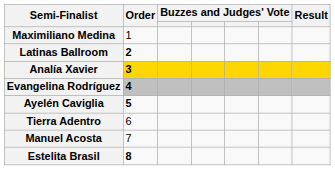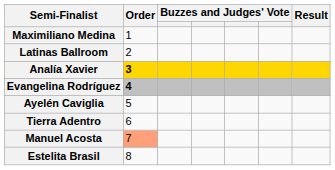 <table class="wikitable plainrowheaders sortable">
 <tr>
 <th rowspan="2" class="unsortable" scope="col">Semi-Finalist</th>
 <th rowspan="2" scope="col">Order</th>
 <th colspan="4" class="unsortable" scope="col">Buzzes and Judges' Vote</th>
 <th rowspan="2" scope="col">Result</th>
 </tr>
 <tr>
 <th class="unsortable" scope="col"></th>
 <th class="unsortable" scope="col"></th>
 <th class="unsortable" scope="col"></th>
 <th></th>
 </tr>
 <tr>
 <th scope="row">Maximiliano Medina</th>
 <td>1</td>
 <td></td>
 <td></td>
 <td></td>
 <td style="text-align:center;"></td>
 <td></td>
 </tr>
 <tr>
 <th scope="row">Latinas Ballroom</th>
-<td><strong>2</strong></td>
+<td>2</td>
 <td></td>
 <td></td>
 <td></td>
 <td></td>
 <td></td>
 </tr>
 <tr bgcolor="gold">
 <th scope="row">Analía Xavier</th>
 <td><strong>3</strong></td>
 <td></td>
 <td></td>
 <td></td>
 <td></td>
 <td><strong></strong></td>
 </tr>
 <tr bgcolor="silver">
 <th scope="row">Evangelina Rodríguez</th>
 <td><strong>4</strong></td>
 <td style="text-align:center;"></td>
 <td style="text-align:center;"></td>
 <td style="text-align:center;"></td>
 <td></td>
 <td><strong></strong></td>
 </tr>
 <tr>
 <th scope="row">Ayelén Caviglia</th>
-<td><strong>5</strong></td>
+<td>5</td>
 <td></td>
 <td></td>
 <td></td>
 <td></td>
 <td></td>
 </tr>
 <tr>
 <th scope="row">Tierra Adentro</th>
 <td>6</td>
 <td></td>
 <td></td>
 <td></td>
 <td></td>
 <td></td>
 </tr>
 <tr>
 <th scope="row">Manuel Acosta</th>
-<td>7</td>
+<td style="background: lightsalmon;">7</td>
 <td></td>
 <td></td>
 <td></td>
 <td></td>
 <td></td>
 </tr>
 <tr>
 <th scope="row">Estelita Brasil</th>
-<td><strong>8</strong></td>
+<td>8</td>
 <td></td>
 <td></td>
 <td></td>
 <td></td>
 <td></td>
 </tr>
 </table>
